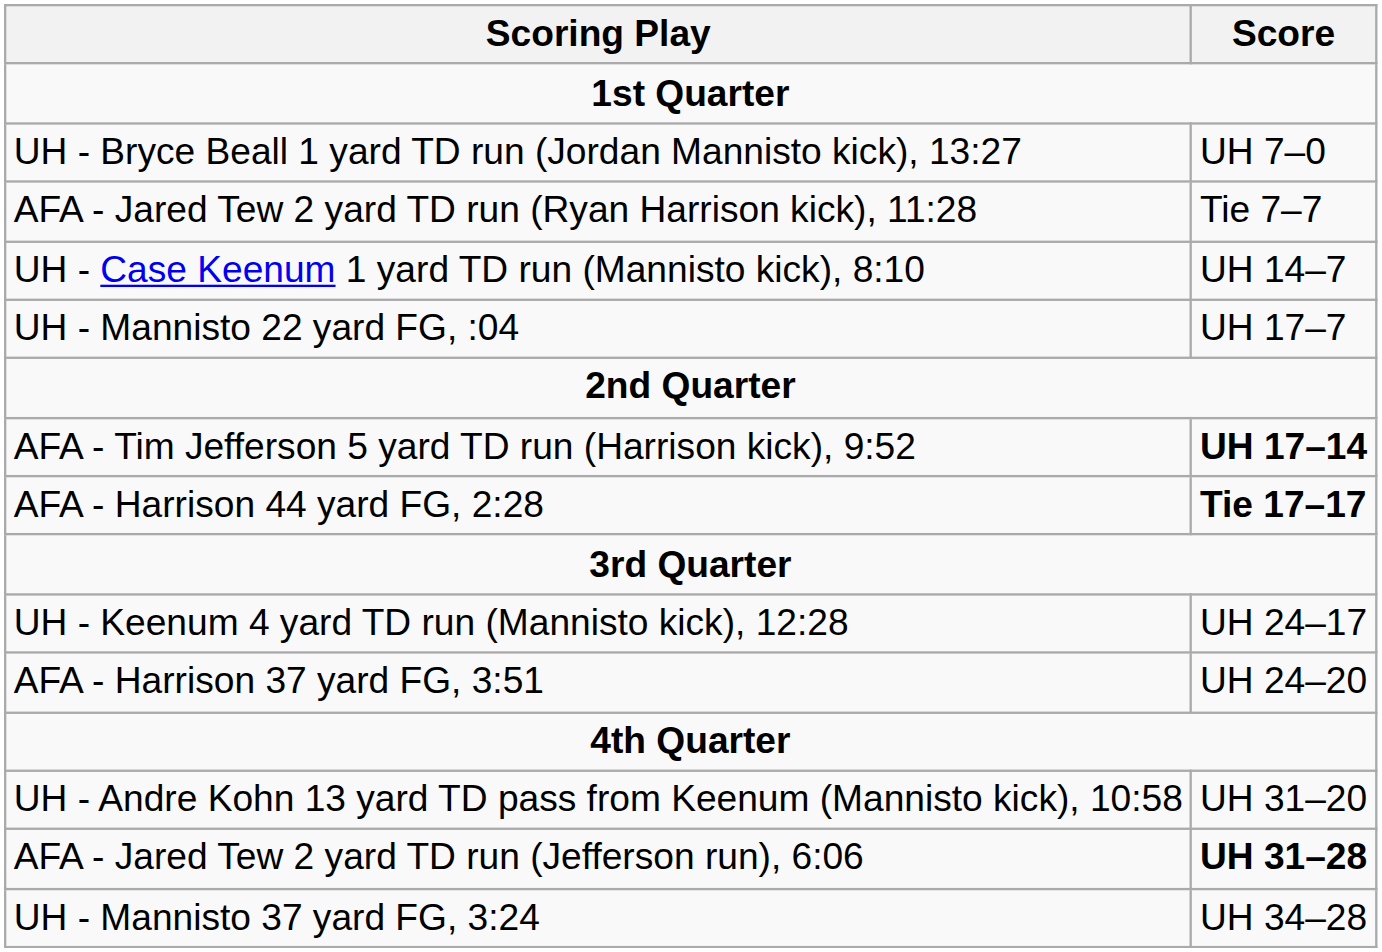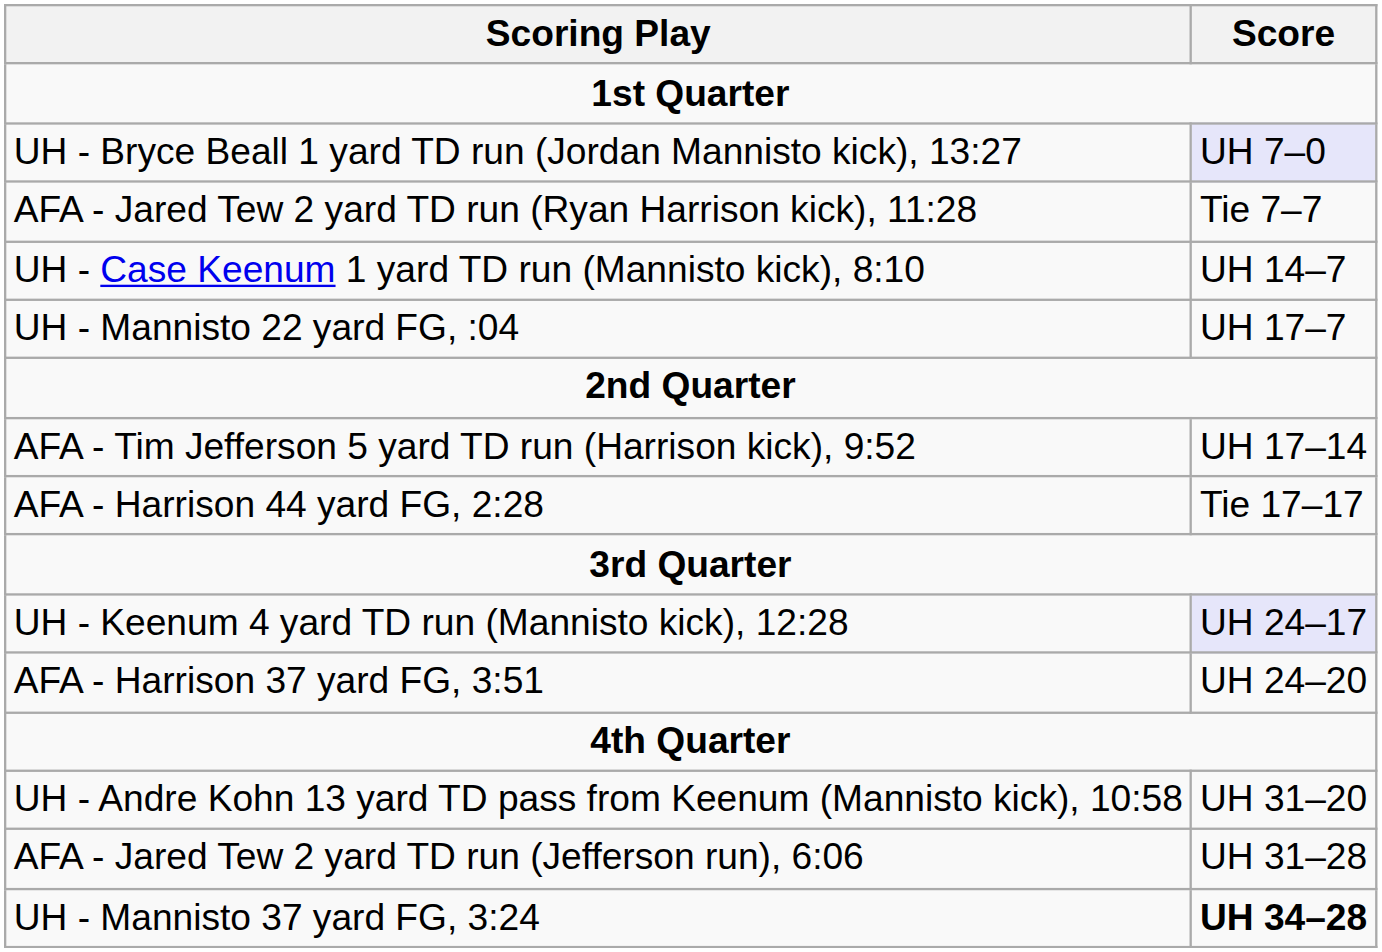 <table class="wikitable">
 <tr>
 <th>Scoring Play</th>
 <th>Score</th>
 </tr>
 <tr>
 <td colspan="4" style="text-align:center;"><strong>1st Quarter</strong></td>
 </tr>
 <tr>
 <td>UH - Bryce Beall 1 yard TD run (Jordan Mannisto kick), 13:27</td>
-<td>UH 7–0</td>
+<td style="background: lavender;">UH 7–0</td>
 </tr>
 <tr>
 <td>AFA - Jared Tew 2 yard TD run (Ryan Harrison kick), 11:28</td>
 <td>Tie 7–7</td>
 </tr>
 <tr>
 <td>UH - <a href='#'>Case Keenum</a> 1 yard TD run (Mannisto kick), 8:10</td>
 <td>UH 14–7</td>
 </tr>
 <tr>
 <td>UH - Mannisto 22 yard FG, :04</td>
 <td>UH 17–7</td>
 </tr>
 <tr>
 <td colspan="4" style="text-align:center;"><strong>2nd Quarter</strong></td>
 </tr>
 <tr>
 <td>AFA - Tim Jefferson 5 yard TD run (Harrison kick), 9:52</td>
-<td><strong>UH 17–14</strong></td>
+<td>UH 17–14</td>
 </tr>
 <tr>
 <td>AFA - Harrison 44 yard FG, 2:28</td>
-<td><strong>Tie 17–17</strong></td>
+<td>Tie 17–17</td>
 </tr>
 <tr>
 <td colspan="4" style="text-align:center;"><strong>3rd Quarter</strong></td>
 </tr>
 <tr>
 <td>UH - Keenum 4 yard TD run (Mannisto kick), 12:28</td>
-<td>UH 24–17</td>
+<td style="background: lavender;">UH 24–17</td>
 </tr>
 <tr>
 <td>AFA - Harrison 37 yard FG, 3:51</td>
 <td>UH 24–20</td>
 </tr>
 <tr>
 <td colspan="4" style="text-align:center;"><strong>4th Quarter</strong></td>
 </tr>
 <tr>
 <td>UH - Andre Kohn 13 yard TD pass from Keenum (Mannisto kick), 10:58</td>
 <td>UH 31–20</td>
 </tr>
 <tr>
 <td>AFA - Jared Tew 2 yard TD run (Jefferson run), 6:06</td>
-<td><strong>UH 31–28</strong></td>
+<td>UH 31–28</td>
 </tr>
 <tr>
 <td>UH - Mannisto 37 yard FG, 3:24</td>
-<td>UH 34–28</td>
+<td><strong>UH 34–28</strong></td>
 </tr>
 </table>
